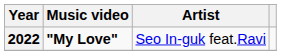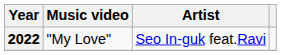 <table class="wikitable plainrowheaders sortable">
 <tr>
 <th>Year</th>
 <th>Music video</th>
 <th>Artist</th>
 <th scope="col" class="unsortable"></th>
 </tr>
 <tr>
 <th scope="row">2022</th>
-<td><strong>"My Love"</strong></td>
+<td>"My Love"</td>
 <td><a href='#'>Seo In-guk</a> feat.<a href='#'>Ravi</a></td>
 <td></td>
 </tr>
 <tr>
 </tr>
 </table>
